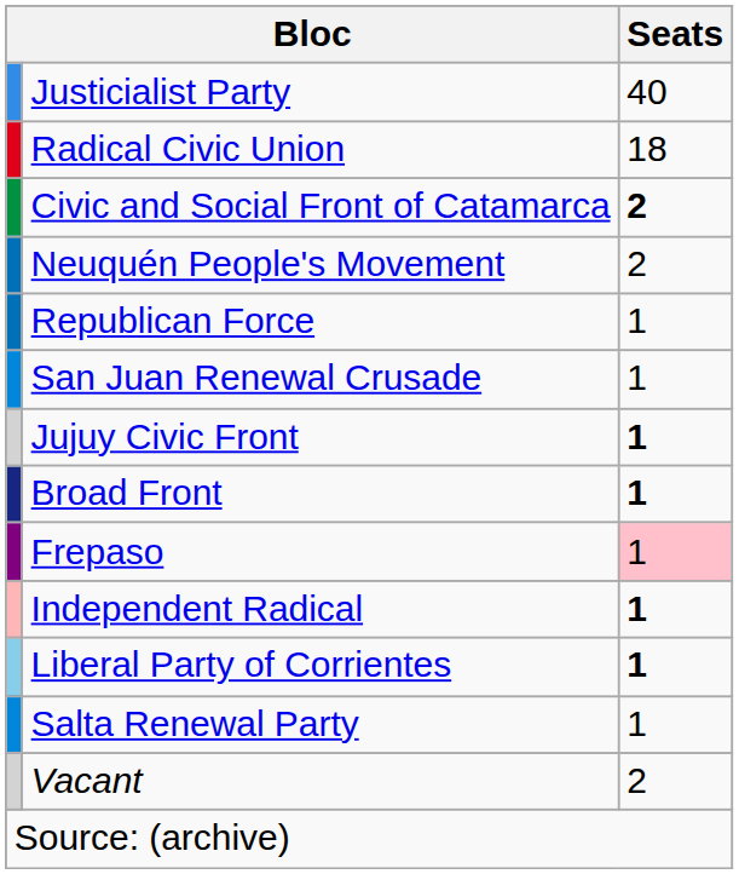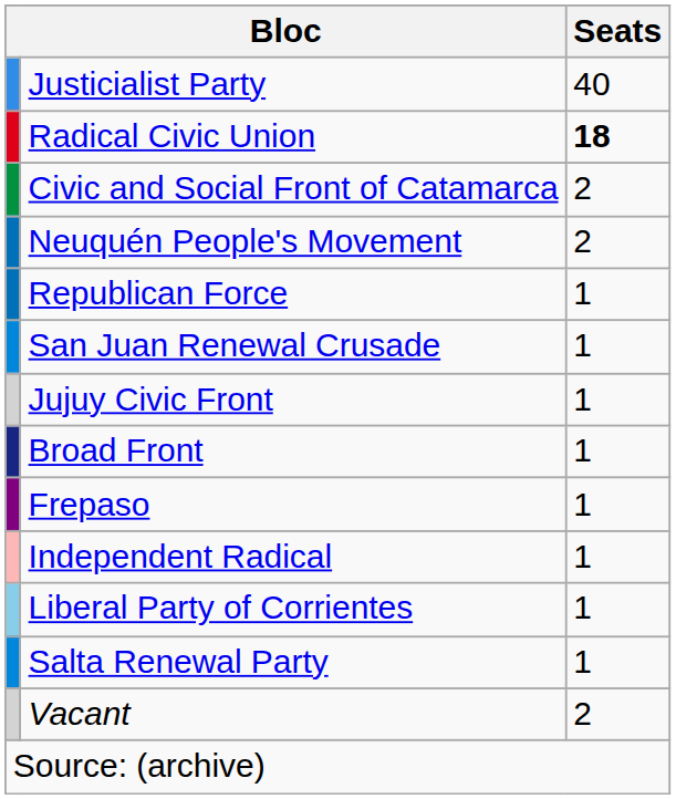 <table class="wikitable">
 <tr>
 <th colspan="2">Bloc</th>
 <th>Seats</th>
 </tr>
 <tr>
 <td style="background-color: #318CE7"></td>
 <td><a href='#'>Justicialist Party</a></td>
 <td>40</td>
 </tr>
 <tr>
 <td style="background-color: #E10019"></td>
 <td><a href='#'>Radical Civic Union</a></td>
-<td>18</td>
+<td><strong>18</strong></td>
 </tr>
 <tr>
 <td style="background-color: #009241"></td>
 <td><a href='#'>Civic and Social Front of Catamarca</a></td>
-<td><strong>2</strong></td>
+<td>2</td>
 </tr>
 <tr>
 <td style="background-color: #0070b8"></td>
 <td><a href='#'>Neuquén People's Movement</a></td>
 <td>2</td>
 </tr>
 <tr>
 <td style="background-color: #0070B8"></td>
 <td><a href='#'>Republican Force</a></td>
 <td>1</td>
 </tr>
 <tr>
 <td style="background-color: #0087DC"></td>
 <td><a href='#'>San Juan Renewal Crusade</a></td>
 <td>1</td>
 </tr>
 <tr>
 <td style="background-color: #D3D3D3"></td>
 <td><a href='#'>Jujuy Civic Front</a></td>
-<td><strong>1</strong></td>
+<td>1</td>
 </tr>
 <tr>
 <td style="background-color: #172683"></td>
 <td><a href='#'>Broad Front</a></td>
-<td><strong>1</strong></td>
+<td>1</td>
 </tr>
 <tr>
 <td style="background-color: purple"></td>
 <td><a href='#'>Frepaso</a></td>
-<td style="background: pink;">1</td>
+<td>1</td>
 </tr>
 <tr>
 <td style="background-color: #FFB6B6"></td>
 <td><a href='#'>Independent Radical</a></td>
-<td><strong>1</strong></td>
+<td>1</td>
 </tr>
 <tr>
 <td style="background-color:skyblue"></td>
 <td><a href='#'>Liberal Party of Corrientes</a></td>
-<td><strong>1</strong></td>
+<td>1</td>
 </tr>
 <tr>
 <td style="background-color: #0087DC"></td>
 <td><a href='#'>Salta Renewal Party</a></td>
 <td>1</td>
 </tr>
 <tr>
 <td style="background-color: #D3D3D3"></td>
 <td><em>Vacant</em></td>
 <td>2</td>
 </tr>
 <tr>
 <td colspan=4>Source:  (archive)</td>
 </tr>
 </table>
